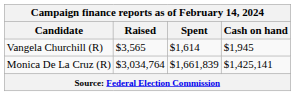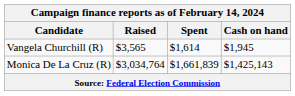 <table class="wikitable sortable">
 <tr>
 <th colspan=4>Campaign finance reports as of February 14, 2024</th>
 </tr>
 <tr style="text-align:center;">
 <th>Candidate</th>
 <th>Raised</th>
 <th>Spent</th>
 <th>Cash on hand</th>
 </tr>
 <tr>
 <td style="background-color:">Vangela Churchill (R)</td>
 <td>$3,565</td>
 <td>$1,614</td>
 <td>$1,945</td>
 </tr>
 <tr>
 <td style="background-color:">Monica De La Cruz (R)</td>
 <td>$3,034,764</td>
 <td>$1,661,839</td>
-<td>$1,425,141</td>
+<td>$1,425,143</td>
 </tr>
 <tr>
 <th colspan="4"><small>Source: <a href='#'>Federal Election Commission</a></small></th>
 </tr>
 </table>
